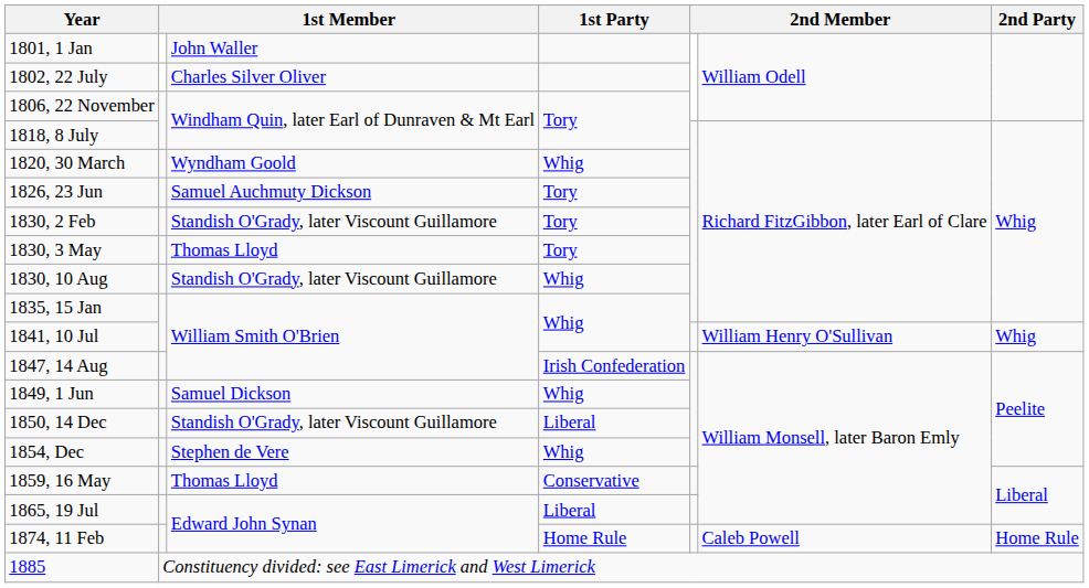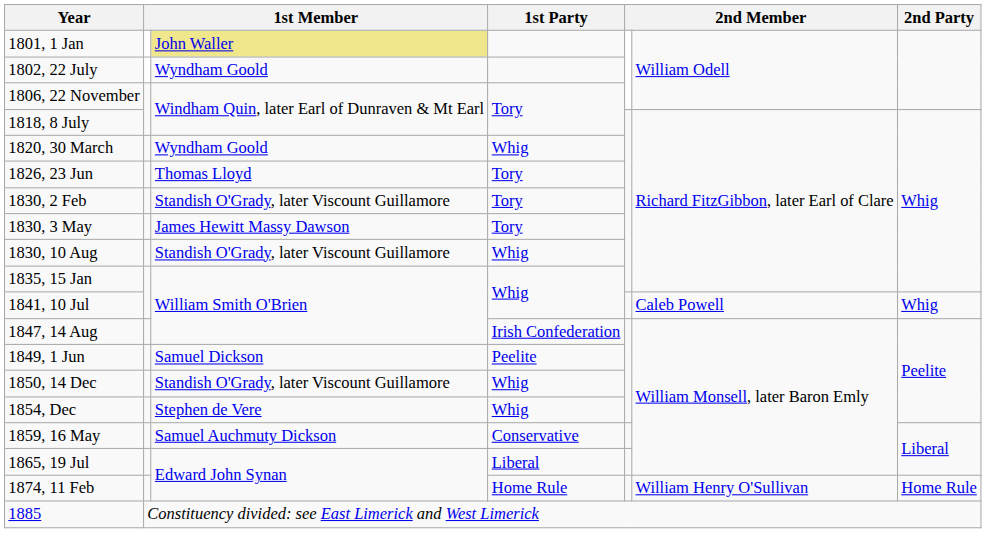 <table class="wikitable">
 <tr>
 <th>Year</th>
 <th colspan="2">1st Member</th>
 <th>1st Party</th>
 <th colspan="2">2nd Member</th>
 <th>2nd Party</th>
 </tr>
 <tr>
 <td>1801, 1 Jan</td>
 <td style="color:inherit;background-color: white"></td>
-<td><a href='#'>John Waller</a>     </td>
+<td style="background: khaki;"><a href='#'>John Waller</a>     </td>
 <td></td>
 <td rowspan="3" style="color:inherit;background-color: white"></td>
 <td rowspan="3"><a href='#'>William Odell</a>     </td>
 <td rowspan="3"></td>
 </tr>
 <tr>
 <td>1802, 22 July</td>
 <td style="color:inherit;background-color: white"></td>
-<td><a href='#'>Charles Silver Oliver</a>     </td>
+<td><a href='#'>Wyndham Goold</a>     </td>
 <td></td>
 </tr>
 <tr>
 <td>1806, 22 November</td>
 <td rowspan="2" style="color:inherit;background-color: "></td>
 <td rowspan="2"><a href='#'>Windham Quin</a>, later Earl of Dunraven & Mt Earl     </td>
 <td rowspan="2"><a href='#'>Tory</a></td>
 </tr>
 <tr>
 <td>1818, 8 July</td>
 <td rowspan="7" style="color:inherit;background-color: "></td>
 <td rowspan="7"><a href='#'>Richard FitzGibbon</a>, later Earl of Clare     </td>
 <td rowspan="7"><a href='#'>Whig</a></td>
 </tr>
 <tr>
 <td>1820, 30 March</td>
 <td style="color:inherit;background-color: "></td>
 <td><a href='#'>Wyndham Goold</a>     </td>
 <td><a href='#'>Whig</a></td>
 </tr>
 <tr>
 <td>1826, 23 Jun</td>
 <td style="color:inherit;background-color: "></td>
-<td><a href='#'>Samuel Auchmuty Dickson</a>     </td>
+<td><a href='#'>Thomas Lloyd</a>     </td>
 <td><a href='#'>Tory</a></td>
 </tr>
 <tr>
 <td>1830, 2 Feb</td>
 <td style="color:inherit;background-color: "></td>
 <td><a href='#'>Standish O'Grady</a>, later Viscount Guillamore     </td>
 <td><a href='#'>Tory</a></td>
 </tr>
 <tr>
 <td>1830, 3 May</td>
 <td style="color:inherit;background-color: "></td>
-<td><a href='#'>Thomas Lloyd</a>     </td>
+<td><a href='#'>James Hewitt Massy Dawson</a></td>
 <td><a href='#'>Tory</a></td>
 </tr>
 <tr>
 <td>1830, 10 Aug</td>
 <td style="color:inherit;background-color: "></td>
 <td><a href='#'>Standish O'Grady</a>, later Viscount Guillamore     </td>
 <td><a href='#'>Whig</a></td>
 </tr>
 <tr>
 <td>1835, 15 Jan</td>
 <td rowspan="2" style="color:inherit;background-color: "></td>
 <td rowspan="3"><a href='#'>William Smith O'Brien</a>     </td>
 <td rowspan="2"><a href='#'>Whig</a></td>
 </tr>
 <tr>
 <td>1841, 10 Jul</td>
 <td style="color:inherit;background-color: "></td>
-<td><a href='#'>William Henry O'Sullivan</a>     </td>
+<td><a href='#'>Caleb Powell</a>     </td>
 <td><a href='#'>Whig</a></td>
 </tr>
 <tr>
 <td>1847, 14 Aug</td>
 <td rowspan="1" style="color:inherit;background-color: "></td>
 <td rowspan="1"><a href='#'>Irish Confederation</a></td>
 <td rowspan="4" style="color:inherit;background-color: "></td>
 <td rowspan="6"><a href='#'>William Monsell</a>, later Baron Emly     </td>
 <td rowspan="4"><a href='#'>Peelite</a></td>
 </tr>
 <tr>
 <td>1849, 1 Jun</td>
 <td style="color:inherit;background-color: "></td>
 <td><a href='#'>Samuel Dickson</a>     </td>
-<td><a href='#'>Whig</a></td>
+<td><a href='#'>Peelite</a></td>
 </tr>
 <tr>
 <td>1850, 14 Dec</td>
 <td style="color:inherit;background-color: "></td>
 <td><a href='#'>Standish O'Grady</a>, later Viscount Guillamore     </td>
-<td><a href='#'>Liberal</a></td>
+<td><a href='#'>Whig</a></td>
 </tr>
 <tr>
 <td>1854, Dec</td>
 <td style="color:inherit;background-color: "></td>
 <td><a href='#'>Stephen de Vere</a>     </td>
 <td><a href='#'>Whig</a></td>
 </tr>
 <tr>
 <td>1859, 16 May</td>
 <td style="color:inherit;background-color: "></td>
-<td><a href='#'>Thomas Lloyd</a>     </td>
+<td><a href='#'>Samuel Auchmuty Dickson</a>     </td>
 <td><a href='#'>Conservative</a></td>
 <td style="color:inherit;background-color: "></td>
 <td rowspan="2"><a href='#'>Liberal</a></td>
 </tr>
 <tr>
 <td>1865, 19 Jul</td>
 <td style="color:inherit;background-color: "></td>
 <td rowspan="2"><a href='#'>Edward John Synan</a>     </td>
 <td><a href='#'>Liberal</a></td>
 </tr>
 <tr>
 <td>1874, 11 Feb</td>
 <td style="color:inherit;background-color: "></td>
 <td><a href='#'>Home Rule</a></td>
 <td style="color:inherit;background-color: "></td>
-<td><a href='#'>Caleb Powell</a>     </td>
+<td><a href='#'>William Henry O'Sullivan</a>     </td>
 <td><a href='#'>Home Rule</a></td>
 </tr>
 <tr>
 <td><a href='#'>1885</a></td>
 <td colspan="6"><em>Constituency divided: see <a href='#'>East Limerick</a> and <a href='#'>West Limerick</a></em></td>
 </tr>
 </table>
